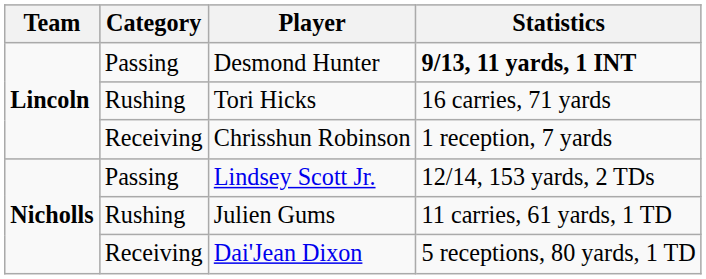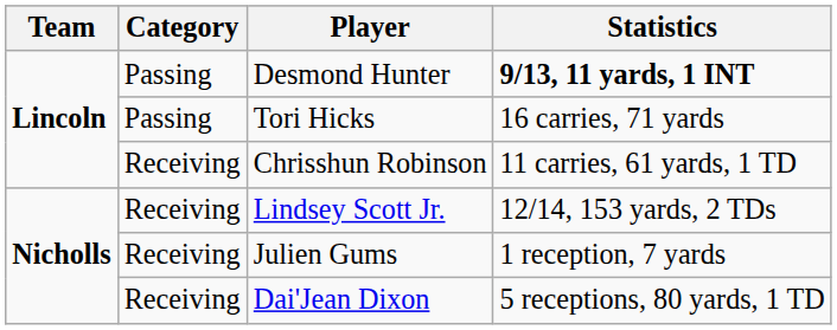 <table class="wikitable" style="float: left;">
 <tr>
 <th>Team</th>
 <th>Category</th>
 <th>Player</th>
 <th>Statistics</th>
 </tr>
 <tr>
 <td rowspan=3><strong>Lincoln</strong></td>
 <td>Passing</td>
 <td>Desmond Hunter</td>
 <td><strong>9/13, 11 yards, 1 INT</strong></td>
 </tr>
 <tr>
-<td>Rushing</td>
+<td>Passing</td>
 <td>Tori Hicks</td>
 <td>16 carries, 71 yards</td>
 </tr>
 <tr>
 <td>Receiving</td>
 <td>Chrisshun Robinson</td>
-<td>1 reception, 7 yards</td>
+<td>11 carries, 61 yards, 1 TD</td>
 </tr>
 <tr>
 <td rowspan=3><strong>Nicholls</strong></td>
-<td>Passing</td>
+<td>Receiving</td>
 <td><a href='#'>Lindsey Scott Jr.</a></td>
 <td>12/14, 153 yards, 2 TDs</td>
 </tr>
 <tr>
-<td>Rushing</td>
+<td>Receiving</td>
 <td>Julien Gums</td>
-<td>11 carries, 61 yards, 1 TD</td>
+<td>1 reception, 7 yards</td>
 </tr>
 <tr>
 <td>Receiving</td>
 <td><a href='#'>Dai'Jean Dixon</a></td>
 <td>5 receptions, 80 yards, 1 TD</td>
 </tr>
 </table>
